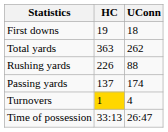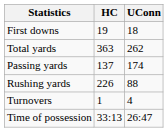 <table class="wikitable">
 <tr>
 <th>Statistics</th>
 <th>HC</th>
 <th>UConn</th>
 </tr>
 <tr>
 <td>First downs</td>
 <td>19</td>
 <td>18</td>
 </tr>
 <tr>
 <td>Total yards</td>
 <td>363</td>
 <td>262</td>
 </tr>
 <tr>
+<td>Passing yards</td>
+<td>137</td>
+<td>174</td>
+</tr>
+<tr>
 <td>Rushing yards</td>
 <td>226</td>
 <td>88</td>
 </tr>
 <tr>
-<td>Passing yards</td>
-<td>137</td>
-<td>174</td>
-</tr>
-<tr>
 <td>Turnovers</td>
-<td style="background: gold;">1</td>
+<td>1</td>
 <td>4</td>
 </tr>
 <tr>
 <td>Time of possession</td>
 <td>33:13</td>
 <td>26:47</td>
 </tr>
 </table>
